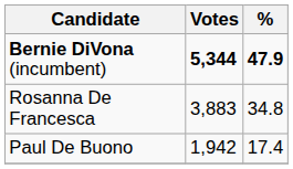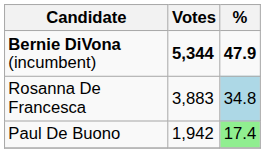 <table class="wikitable">
 <tr>
 <th bgcolor="#DDDDFF" width="150px">Candidate</th>
 <th bgcolor="#DDDDFF">Votes</th>
 <th bgcolor="#DDDDFF">%</th>
 </tr>
 <tr>
 <td><strong>Bernie DiVona</strong> (incumbent)</td>
 <td><strong>5,344</strong></td>
 <td><strong>47.9</strong></td>
 </tr>
 <tr>
 <td>Rosanna De Francesca</td>
 <td>3,883</td>
-<td>34.8</td>
+<td style="background: lightblue;">34.8</td>
 </tr>
 <tr>
 <td>Paul De Buono</td>
 <td>1,942</td>
-<td>17.4</td>
+<td style="background: lightgreen;">17.4</td>
 </tr>
 <tr>
 </tr>
 </table>
